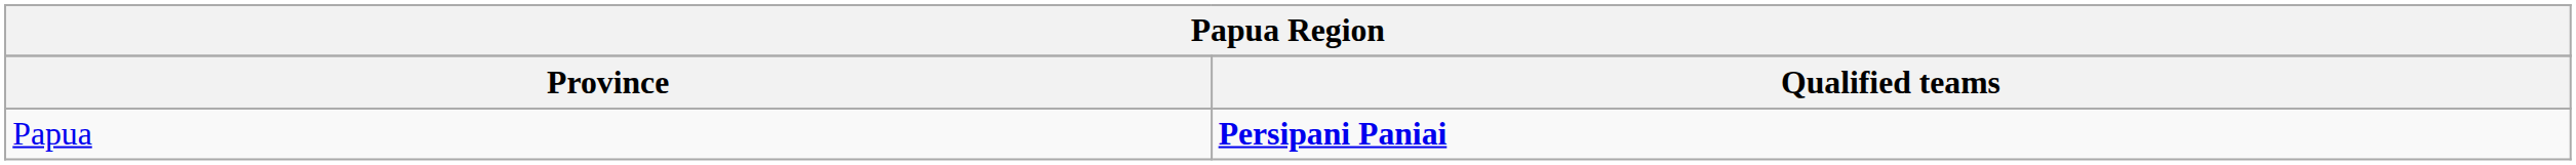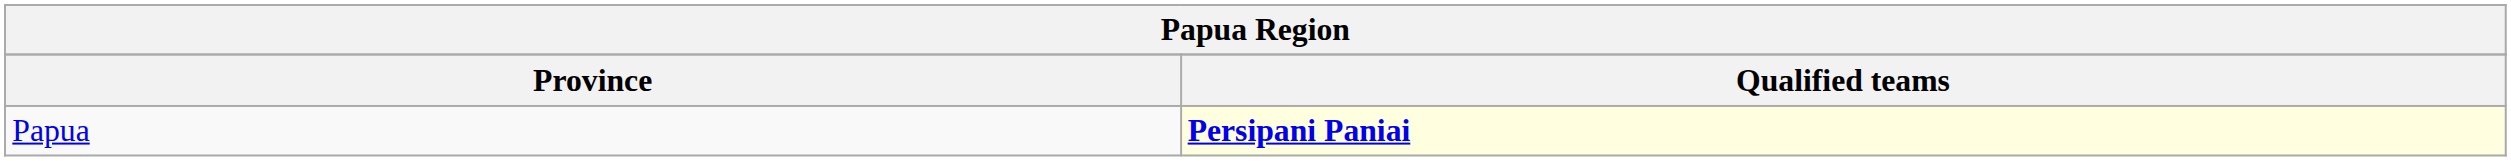 <table class="wikitable sortable" style="width:100%;">
 <tr>
 <th colspan="2"><strong>Papua Region</strong></th>
 </tr>
 <tr>
 </tr>
 <tr>
 <th style="width:47%;">Province</th>
 <th style="width:53%;">Qualified teams</th>
 </tr>
 <tr>
 <td> <a href='#'>Papua</a></td>
-<td><strong><a href='#'>Persipani Paniai</a></strong></td>
+<td style="background: lightyellow;"><strong><a href='#'>Persipani Paniai</a></strong></td>
 </tr>
 </table>
